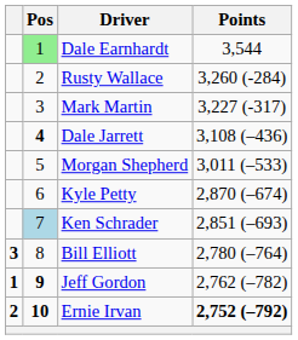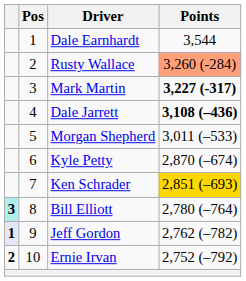 <table class="wikitable" style="font-size: 95%;">
 <tr>
 <th></th>
 <th>Pos</th>
 <th>Driver</th>
 <th>Points</th>
 </tr>
 <tr>
 <td align="left"></td>
-<td style="background: lightgreen; text-align:center;">1</td>
+<td style="text-align:center;">1</td>
 <td><a href='#'>Dale Earnhardt</a></td>
 <td style="text-align:center;">3,544</td>
 </tr>
 <tr>
 <td align="left"></td>
 <td style="text-align:center;">2</td>
 <td><a href='#'>Rusty Wallace</a></td>
-<td style="text-align:center;">3,260 (-284)</td>
+<td style="background: lightsalmon; text-align:center;">3,260 (-284)</td>
 </tr>
 <tr>
 <td align="left"></td>
 <td style="text-align:center;">3</td>
 <td><a href='#'>Mark Martin</a></td>
-<td style="text-align:center;">3,227 (-317)</td>
+<td style="text-align:center;"><strong>3,227 (-317)</strong></td>
 </tr>
 <tr>
 <td align="left"></td>
-<td style="text-align:center;"><strong>4</strong></td>
+<td style="text-align:center;">4</td>
 <td><a href='#'>Dale Jarrett</a></td>
-<td style="text-align:center;">3,108 (–436)</td>
+<td style="text-align:center;"><strong>3,108 (–436)</strong></td>
 </tr>
 <tr>
 <td align="left"></td>
 <td style="text-align:center;">5</td>
 <td><a href='#'>Morgan Shepherd</a></td>
 <td style="text-align:center;">3,011 (–533)</td>
 </tr>
 <tr>
 <td align="left"></td>
 <td style="text-align:center;">6</td>
 <td><a href='#'>Kyle Petty</a></td>
 <td style="text-align:center;">2,870 (–674)</td>
 </tr>
 <tr>
 <td align="left"></td>
-<td style="background: lightblue; text-align:center;">7</td>
+<td style="text-align:center;">7</td>
 <td><a href='#'>Ken Schrader</a></td>
-<td style="text-align:center;">2,851 (–693)</td>
+<td style="background: gold; text-align:center;">2,851 (–693)</td>
 </tr>
 <tr>
-<td align="left"> <strong>3</strong></td>
+<td align="left" style="background: paleturquoise;"> <strong>3</strong></td>
 <td style="text-align:center;">8</td>
 <td><a href='#'>Bill Elliott</a></td>
 <td style="text-align:center;">2,780 (–764)</td>
 </tr>
 <tr>
-<td align="left"> <strong>1</strong></td>
-<td style="text-align:center;"><strong>9</strong></td>
+<td align="left" style="background: lavender;"> <strong>1</strong></td>
+<td style="text-align:center;">9</td>
 <td><a href='#'>Jeff Gordon</a></td>
 <td style="text-align:center;">2,762 (–782)</td>
 </tr>
 <tr>
 <td align="left"> <strong>2</strong></td>
-<td style="text-align:center;"><strong>10</strong></td>
+<td style="text-align:center;">10</td>
 <td><a href='#'>Ernie Irvan</a></td>
-<td style="text-align:center;"><strong>2,752 (–792)</strong></td>
+<td style="text-align:center;">2,752 (–792)</td>
 </tr>
 <tr class="sortbottom">
 <th colspan="9"></th>
 </tr>
 </table>
